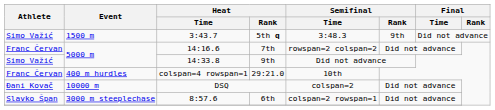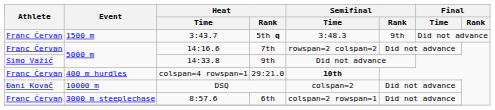 <table class=wikitable style=font-size:95%;text-align:center>
 <tr>
 <th rowspan=2>Athlete</th>
 <th rowspan=2>Event</th>
 <th colspan=2>Heat</th>
 <th colspan=2>Semifinal</th>
 <th colspan=2>Final</th>
 </tr>
 <tr style=font-size:100%>
 <th>Time</th>
 <th>Rank</th>
 <th>Time</th>
 <th>Rank</th>
 <th>Time</th>
 <th>Rank</th>
 </tr>
 <tr>
-<td align=left><a href='#'>Simo Važić</a></td>
+<td align=left><a href='#'>Franc Červan</a></td>
 <td align=left rowspan=1><a href='#'>1500 m</a></td>
 <td>3:43.7</td>
 <td>5th <strong>q</strong></td>
 <td>3:48.3</td>
 <td>9th</td>
 <td colspan=2>Did not advance</td>
 </tr>
 <tr>
 <td align=left><a href='#'>Franc Červan</a></td>
 <td align=left rowspan=2><a href='#'>5000 m</a></td>
 <td>14:16.6</td>
 <td>7th</td>
 <td>rowspan=2 colspan=2 </td>
 <td colspan=2>Did not advance</td>
 </tr>
 <tr>
 <td align=left><a href='#'>Simo Važić</a></td>
 <td>14:33.8</td>
 <td>9th</td>
 <td colspan=2>Did not advance</td>
 </tr>
 <tr>
 <td align=left><a href='#'>Franc Červan</a></td>
 <td align=left rowspan=1><a href='#'>400 m hurdles</a></td>
 <td>colspan=4 rowspan=1 </td>
 <td>29:21.0</td>
-<td>10th</td>
+<td><strong>10th</strong></td>
 </tr>
 <tr>
 <td align=left><a href='#'>Ðani Kovač</a></td>
 <td align=left rowspan=1><a href='#'>10000 m</a></td>
 <td colspan=2>DSQ</td>
 <td>colspan=2 </td>
 <td colspan=2>Did not advance</td>
 </tr>
 <tr>
-<td align=left><a href='#'>Slavko Špan</a></td>
+<td align=left><a href='#'>Franc Červan</a></td>
 <td align=left rowspan=1><a href='#'>3000 m steeplechase</a></td>
 <td>8:57.6</td>
 <td>6th</td>
 <td>colspan=2 rowspan=1 </td>
 <td colspan=2>Did not advance</td>
 </tr>
 <tr>
 </tr>
 </table>
